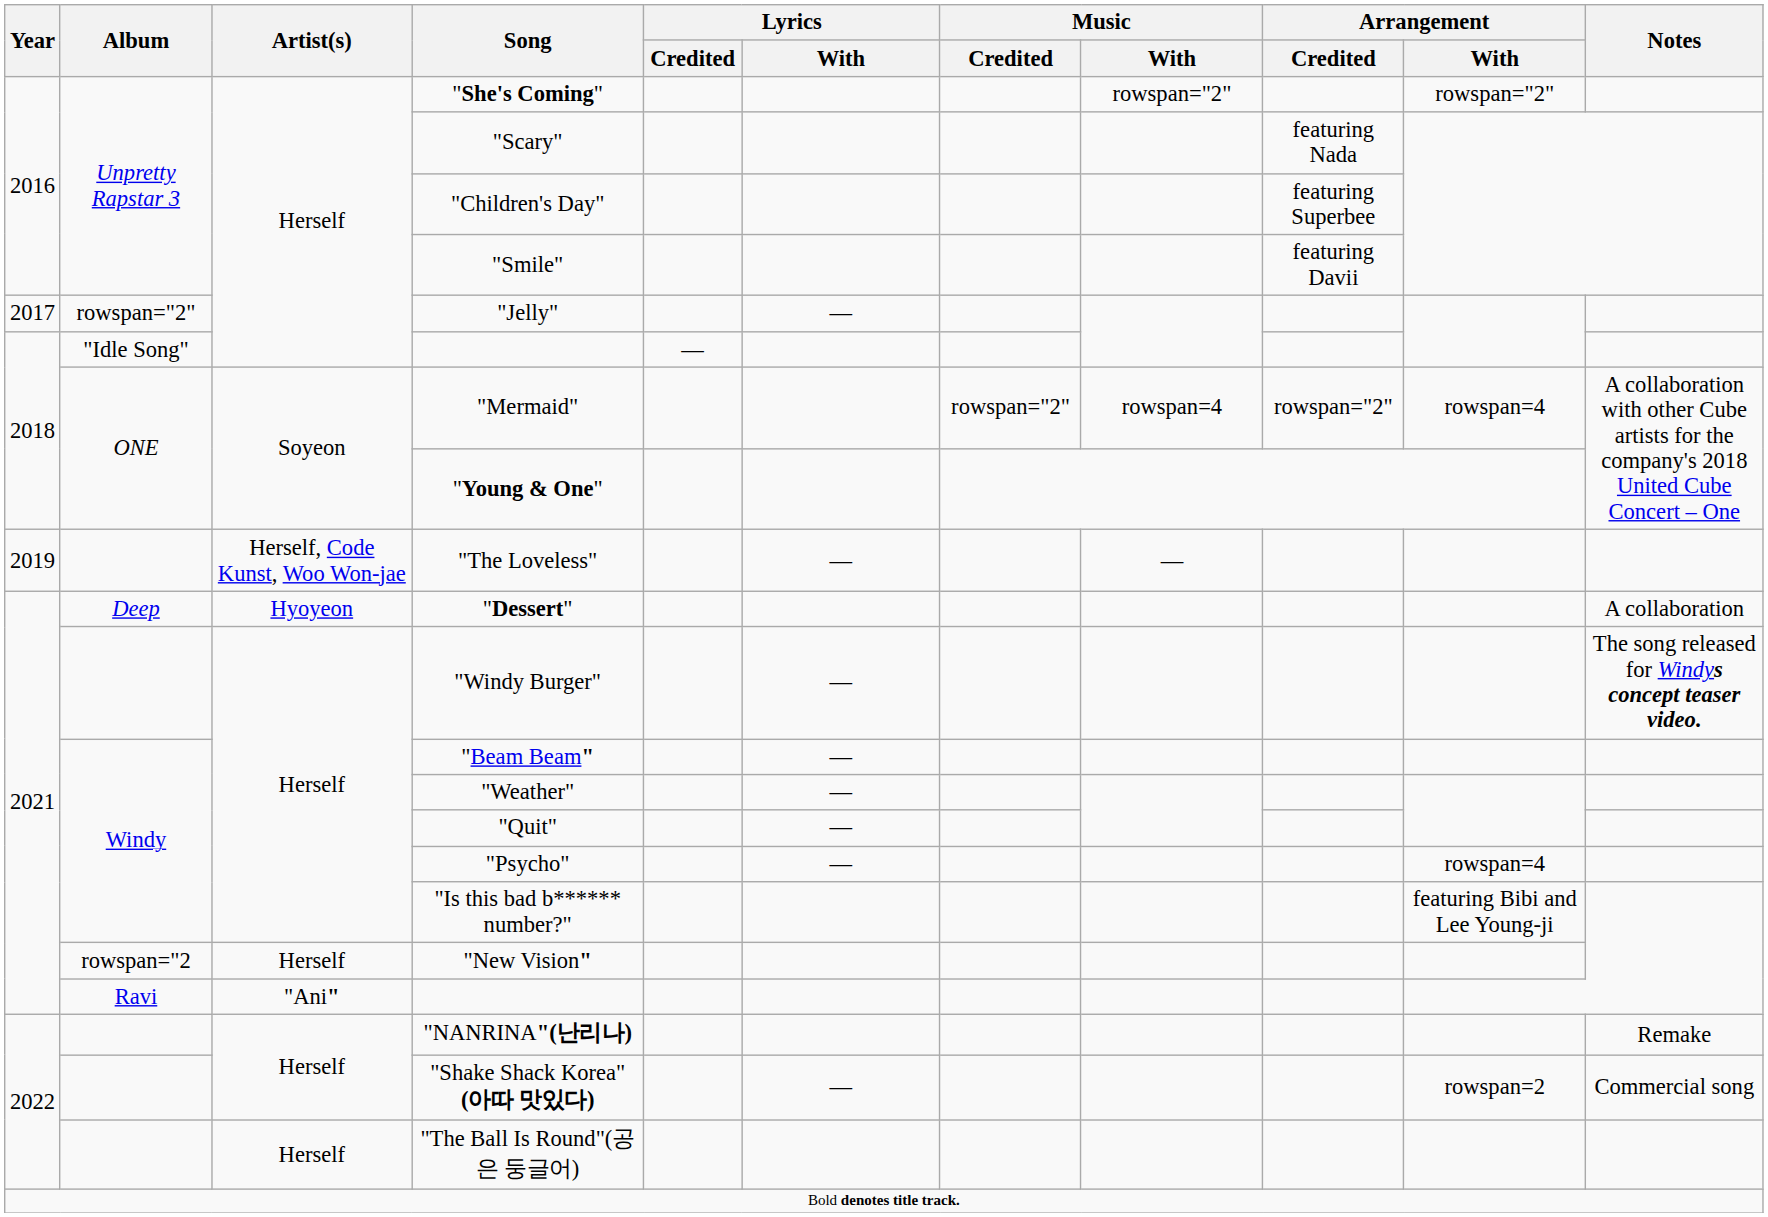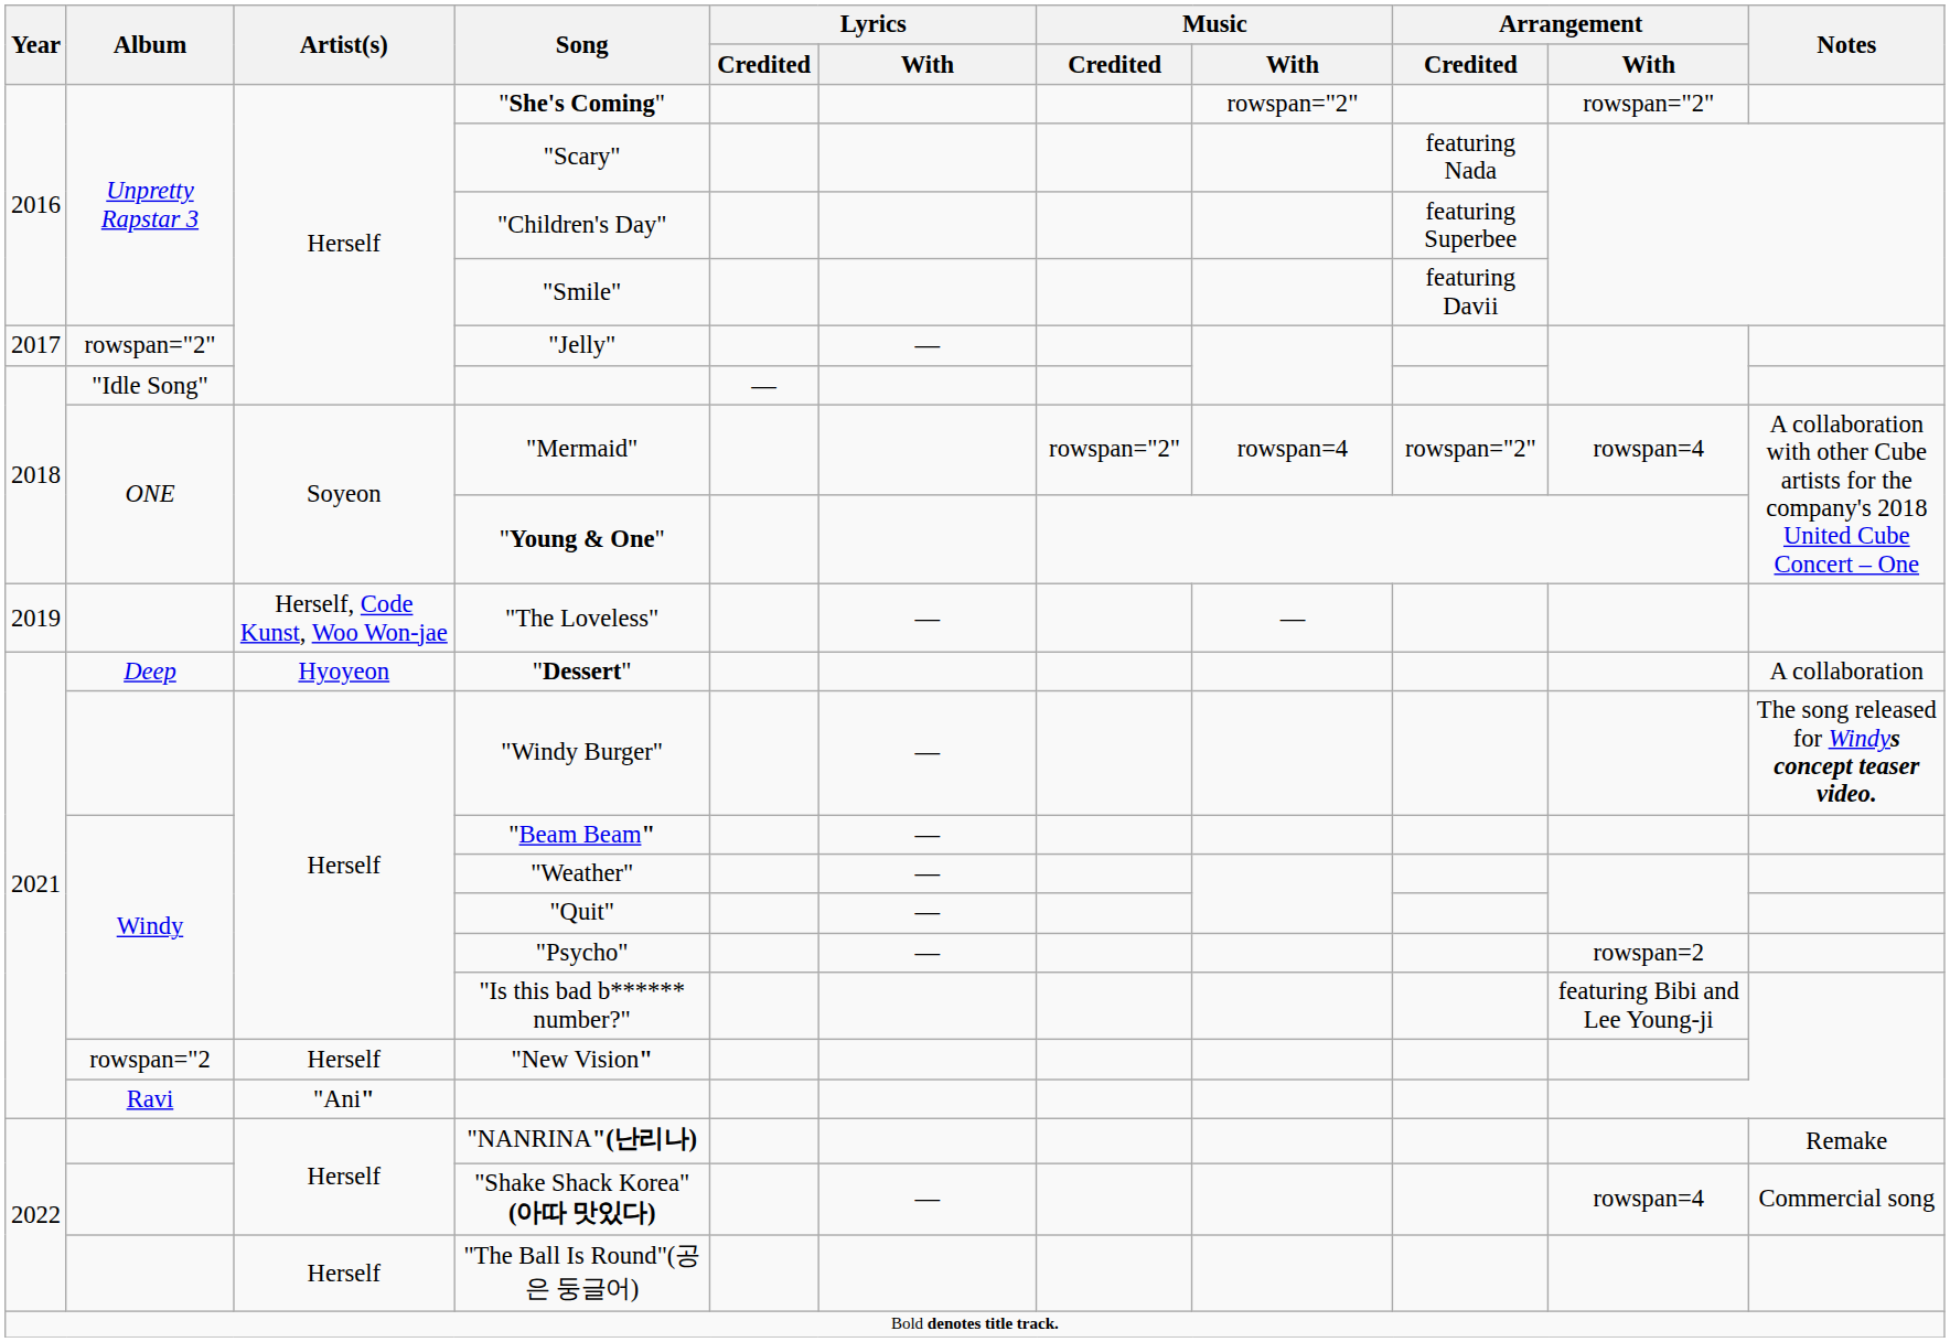 <table class="wikitable" style="text-align:center;">
 <tr>
 <th rowspan="2" style="width:2em;">Year</th>
 <th rowspan="2" style="width:7em;">Album</th>
 <th rowspan="2" style="width:12em;">Artist(s)</th>
 <th rowspan="2" style="width:13em;">Song</th>
 <th colspan="2" style="width:16em;">Lyrics</th>
 <th colspan="2" style="width:16em;">Music</th>
 <th colspan="2" style="width:16em;">Arrangement</th>
 <th rowspan="2" style="width:9em;">Notes</th>
 </tr>
 <tr>
 <th style="width:4em;">Credited</th>
 <th style="width:13em;">With</th>
 <th style="width:4em;">Credited</th>
 <th style="width:8em;">With</th>
 <th style="width:4em;">Credited</th>
 <th style="width:8em;">With</th>
 </tr>
 <tr>
 <td rowspan=4>2016</td>
 <td rowspan=4><em><a href='#'>Unpretty Rapstar 3</a></em></td>
 <td rowspan=6>Herself</td>
 <td>"<strong>She's Coming</strong>"</td>
 <td></td>
 <td></td>
 <td></td>
 <td>rowspan="2"</td>
 <td></td>
 <td>rowspan="2"</td>
 <td></td>
 </tr>
 <tr>
 <td>"Scary"</td>
 <td></td>
 <td></td>
 <td></td>
 <td></td>
 <td>featuring Nada</td>
 </tr>
 <tr>
 <td>"Children's Day"</td>
 <td></td>
 <td></td>
 <td></td>
 <td></td>
 <td>featuring Superbee</td>
 </tr>
 <tr>
 <td>"Smile"</td>
 <td></td>
 <td></td>
 <td></td>
 <td></td>
 <td>featuring Davii</td>
 </tr>
 <tr>
 <td>2017</td>
 <td>rowspan="2" </td>
 <td>"Jelly"</td>
 <td></td>
 <td>—</td>
 <td></td>
 <td rowspan=2></td>
 <td></td>
 <td rowspan=2></td>
 <td></td>
 </tr>
 <tr>
 <td rowspan=3>2018</td>
 <td>"Idle Song"</td>
 <td></td>
 <td>—</td>
 <td></td>
 <td></td>
 <td></td>
 </tr>
 <tr>
 <td rowspan=2><em>ONE</em></td>
 <td rowspan=2>Soyeon </td>
 <td>"Mermaid"</td>
 <td></td>
 <td></td>
 <td>rowspan="2"</td>
 <td>rowspan=4 </td>
 <td>rowspan="2"</td>
 <td>rowspan=4 </td>
 <td rowspan="2">A collaboration with other Cube artists for the company's 2018 <a href='#'>United Cube Concert – One</a></td>
 </tr>
 <tr>
 <td>"<strong>Young & One</strong>"</td>
 <td></td>
 <td></td>
 </tr>
 <tr>
 <td>2019</td>
 <td></td>
 <td>Herself, <a href='#'>Code Kunst</a>, <a href='#'>Woo Won-jae</a></td>
 <td>"The Loveless"</td>
 <td></td>
 <td>—</td>
 <td></td>
 <td>—</td>
 <td></td>
 <td></td>
 <td></td>
 </tr>
 <tr>
 <td rowspan="9">2021</td>
 <td><em><a href='#'>Deep</a></em></td>
 <td><a href='#'>Hyoyeon</a> </td>
 <td>"<strong>Dessert</strong>"</td>
 <td></td>
 <td></td>
 <td></td>
 <td></td>
 <td></td>
 <td></td>
 <td>A collaboration</td>
 </tr>
 <tr>
 <td></td>
 <td rowspan=6>Herself</td>
 <td>"Windy Burger"</td>
 <td></td>
 <td>—</td>
 <td></td>
 <td></td>
 <td></td>
 <td></td>
 <td>The song released for <em><a href='#'>Windy</a><strong>s concept teaser video.</td>
 </tr>
 <tr>
 <td rowspan="5"></em><a href='#'>Windy</a><em></td>
 <td>"</strong><a href='#'>Beam Beam</a><strong>"</td>
 <td></td>
 <td>—</td>
 <td></td>
 <td></td>
 <td></td>
 <td></td>
 <td></td>
 </tr>
 <tr>
 <td>"Weather"</td>
 <td></td>
 <td>—</td>
 <td></td>
 <td rowspan="2"></td>
 <td></td>
 <td rowspan="2"></td>
 <td></td>
 </tr>
 <tr>
 <td>"Quit"</td>
 <td></td>
 <td>—</td>
 <td></td>
 <td></td>
 <td></td>
 </tr>
 <tr>
 <td>"Psycho"</td>
 <td></td>
 <td>—</td>
 <td></td>
 <td></td>
 <td></td>
-<td>rowspan=4 </td>
+<td>rowspan=2 </td>
 <td></td>
 </tr>
 <tr>
 <td>"Is this bad b****** number?"</td>
 <td></td>
 <td></td>
 <td></td>
 <td></td>
 <td></td>
 <td>featuring Bibi and Lee Young-ji</td>
 </tr>
 <tr>
 <td>rowspan="2</em> <em></td>
 <td>Herself</td>
 <td>"</strong>New Vision<strong>"</td>
 <td></td>
 <td></td>
 <td></td>
 <td></td>
 <td></td>
 <td></td>
 </tr>
 <tr>
 <td><a href='#'>Ravi</a> </td>
 <td>"</strong>Ani<strong>"</td>
 <td></td>
 <td></td>
 <td></td>
 <td></td>
 <td></td>
 <td></td>
 </tr>
 <tr>
 <td rowspan="3">2022</td>
 <td></td>
 <td rowspan="2">Herself</td>
 <td>"</strong>NANRINA<strong>"(난리나)</td>
 <td></td>
 <td></td>
 <td></td>
 <td></td>
 <td></td>
 <td></td>
 <td>Remake</td>
 </tr>
 <tr>
 <td></td>
 <td>"</strong>Shake Shack Korea"<strong>(아따 맛있다)</td>
 <td></td>
 <td>—</td>
 <td></td>
 <td></td>
 <td></td>
-<td>rowspan=2 </td>
+<td>rowspan=4 </td>
 <td>Commercial song</td>
 </tr>
 <tr>
 <td></em><em></td>
 <td>Herself</td>
 <td></strong>"The Ball Is Round"(공은 둥글어)<strong></td>
 <td></td>
 <td></td>
 <td></td>
 <td></td>
 <td></td>
 <td></td>
 </tr>
 <tr>
 <td colspan="11" style="text-align:center; font-size:8pt;"></strong>Bold<strong> denotes title track.</td>
 </tr>
 </table>
